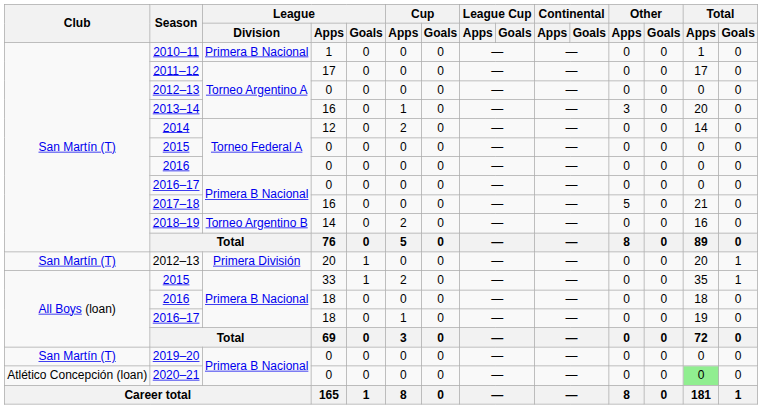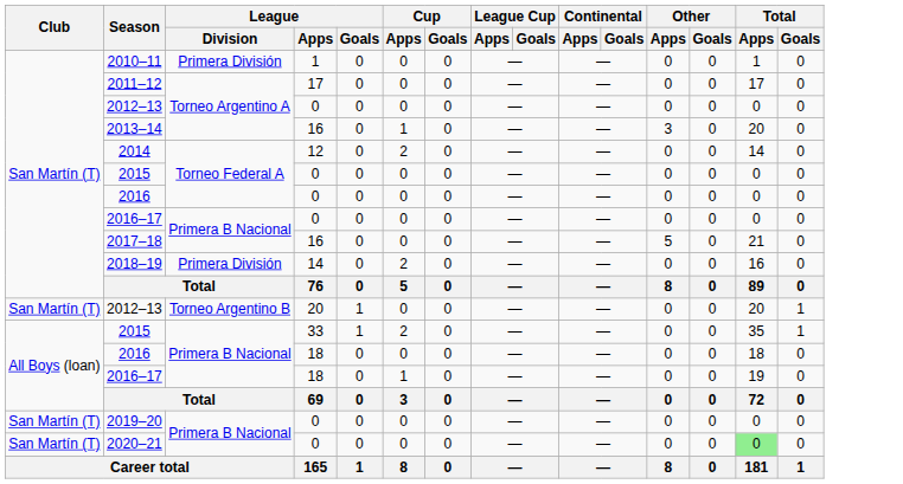 <table class="wikitable" style="text-align:center">
 <tr>
 <th rowspan="2">Club</th>
 <th rowspan="2">Season</th>
 <th colspan="3">League</th>
 <th colspan="2">Cup</th>
 <th colspan="2">League Cup</th>
 <th colspan="2">Continental</th>
 <th colspan="2">Other</th>
 <th colspan="2">Total</th>
 </tr>
 <tr>
 <th>Division</th>
 <th>Apps</th>
 <th>Goals</th>
 <th>Apps</th>
 <th>Goals</th>
 <th>Apps</th>
 <th>Goals</th>
 <th>Apps</th>
 <th>Goals</th>
 <th>Apps</th>
 <th>Goals</th>
 <th>Apps</th>
 <th>Goals</th>
 </tr>
 <tr>
 <td rowspan="11"><a href='#'>San Martín (T)</a></td>
 <td><a href='#'>2010–11</a></td>
-<td rowspan="1"><a href='#'>Primera B Nacional</a></td>
+<td rowspan="1"><a href='#'>Primera División</a></td>
 <td>1</td>
 <td>0</td>
 <td>0</td>
 <td>0</td>
 <td colspan="2">—</td>
 <td colspan="2">—</td>
 <td>0</td>
 <td>0</td>
 <td>1</td>
 <td>0</td>
 </tr>
 <tr>
 <td><a href='#'>2011–12</a></td>
 <td rowspan="3"><a href='#'>Torneo Argentino A</a></td>
 <td>17</td>
 <td>0</td>
 <td>0</td>
 <td>0</td>
 <td colspan="2">—</td>
 <td colspan="2">—</td>
 <td>0</td>
 <td>0</td>
 <td>17</td>
 <td>0</td>
 </tr>
 <tr>
 <td><a href='#'>2012–13</a></td>
 <td>0</td>
 <td>0</td>
 <td>0</td>
 <td>0</td>
 <td colspan="2">—</td>
 <td colspan="2">—</td>
 <td>0</td>
 <td>0</td>
 <td>0</td>
 <td>0</td>
 </tr>
 <tr>
 <td><a href='#'>2013–14</a></td>
 <td>16</td>
 <td>0</td>
 <td>1</td>
 <td>0</td>
 <td colspan="2">—</td>
 <td colspan="2">—</td>
 <td>3</td>
 <td>0</td>
 <td>20</td>
 <td>0</td>
 </tr>
 <tr>
 <td><a href='#'>2014</a></td>
 <td rowspan="3"><a href='#'>Torneo Federal A</a></td>
 <td>12</td>
 <td>0</td>
 <td>2</td>
 <td>0</td>
 <td colspan="2">—</td>
 <td colspan="2">—</td>
 <td>0</td>
 <td>0</td>
 <td>14</td>
 <td>0</td>
 </tr>
 <tr>
 <td><a href='#'>2015</a></td>
 <td>0</td>
 <td>0</td>
 <td>0</td>
 <td>0</td>
 <td colspan="2">—</td>
 <td colspan="2">—</td>
 <td>0</td>
 <td>0</td>
 <td>0</td>
 <td>0</td>
 </tr>
 <tr>
 <td><a href='#'>2016</a></td>
 <td>0</td>
 <td>0</td>
 <td>0</td>
 <td>0</td>
 <td colspan="2">—</td>
 <td colspan="2">—</td>
 <td>0</td>
 <td>0</td>
 <td>0</td>
 <td>0</td>
 </tr>
 <tr>
 <td><a href='#'>2016–17</a></td>
 <td rowspan="2"><a href='#'>Primera B Nacional</a></td>
 <td>0</td>
 <td>0</td>
 <td>0</td>
 <td>0</td>
 <td colspan="2">—</td>
 <td colspan="2">—</td>
 <td>0</td>
 <td>0</td>
 <td>0</td>
 <td>0</td>
 </tr>
 <tr>
 <td><a href='#'>2017–18</a></td>
 <td>16</td>
 <td>0</td>
 <td>0</td>
 <td>0</td>
 <td colspan="2">—</td>
 <td colspan="2">—</td>
 <td>5</td>
 <td>0</td>
 <td>21</td>
 <td>0</td>
 </tr>
 <tr>
 <td><a href='#'>2018–19</a></td>
-<td rowspan="1"><a href='#'>Torneo Argentino B</a></td>
+<td rowspan="1"><a href='#'>Primera División</a></td>
 <td>14</td>
 <td>0</td>
 <td>2</td>
 <td>0</td>
 <td colspan="2">—</td>
 <td colspan="2">—</td>
 <td>0</td>
 <td>0</td>
 <td>16</td>
 <td>0</td>
 </tr>
 <tr>
 <th colspan="2">Total</th>
 <th>76</th>
 <th>0</th>
 <th>5</th>
 <th>0</th>
 <th colspan="2">—</th>
 <th colspan="2">—</th>
 <th>8</th>
 <th>0</th>
 <th>89</th>
 <th>0</th>
 </tr>
 <tr>
 <td rowspan="1"><a href='#'>San Martín (T)</a></td>
 <td>2012–13</td>
-<td rowspan="1"><a href='#'>Primera División</a></td>
+<td rowspan="1"><a href='#'>Torneo Argentino B</a></td>
 <td>20</td>
 <td>1</td>
 <td>0</td>
 <td>0</td>
 <td colspan="2">—</td>
 <td colspan="2">—</td>
 <td>0</td>
 <td>0</td>
 <td>20</td>
 <td>1</td>
 </tr>
 <tr>
 <td rowspan="4"><a href='#'>All Boys</a> (loan)</td>
 <td><a href='#'>2015</a></td>
 <td rowspan="3"><a href='#'>Primera B Nacional</a></td>
 <td>33</td>
 <td>1</td>
 <td>2</td>
 <td>0</td>
 <td colspan="2">—</td>
 <td colspan="2">—</td>
 <td>0</td>
 <td>0</td>
 <td>35</td>
 <td>1</td>
 </tr>
 <tr>
 <td><a href='#'>2016</a></td>
 <td>18</td>
 <td>0</td>
 <td>0</td>
 <td>0</td>
 <td colspan="2">—</td>
 <td colspan="2">—</td>
 <td>0</td>
 <td>0</td>
 <td>18</td>
 <td>0</td>
 </tr>
 <tr>
 <td><a href='#'>2016–17</a></td>
 <td>18</td>
 <td>0</td>
 <td>1</td>
 <td>0</td>
 <td colspan="2">—</td>
 <td colspan="2">—</td>
 <td>0</td>
 <td>0</td>
 <td>19</td>
 <td>0</td>
 </tr>
 <tr>
 <th colspan="2">Total</th>
 <th>69</th>
 <th>0</th>
 <th>3</th>
 <th>0</th>
 <th colspan="2">—</th>
 <th colspan="2">—</th>
 <th>0</th>
 <th>0</th>
 <th>72</th>
 <th>0</th>
 </tr>
 <tr>
 <td rowspan="1"><a href='#'>San Martín (T)</a></td>
 <td><a href='#'>2019–20</a></td>
 <td rowspan="2"><a href='#'>Primera B Nacional</a></td>
 <td>0</td>
 <td>0</td>
 <td>0</td>
 <td>0</td>
 <td colspan="2">—</td>
 <td colspan="2">—</td>
 <td>0</td>
 <td>0</td>
 <td>0</td>
 <td>0</td>
 </tr>
 <tr>
-<td rowspan="1">Atlético Concepción (loan)</td>
+<td rowspan="1"><a href='#'>San Martín (T)</a></td>
 <td><a href='#'>2020–21</a></td>
 <td>0</td>
 <td>0</td>
 <td>0</td>
 <td>0</td>
 <td colspan="2">—</td>
 <td colspan="2">—</td>
 <td>0</td>
 <td>0</td>
 <td style="background: lightgreen;">0</td>
 <td>0</td>
 </tr>
 <tr>
 <th colspan="3">Career total</th>
 <th>165</th>
 <th>1</th>
 <th>8</th>
 <th>0</th>
 <th colspan="2">—</th>
 <th colspan="2">—</th>
 <th>8</th>
 <th>0</th>
 <th>181</th>
 <th>1</th>
 </tr>
 </table>
